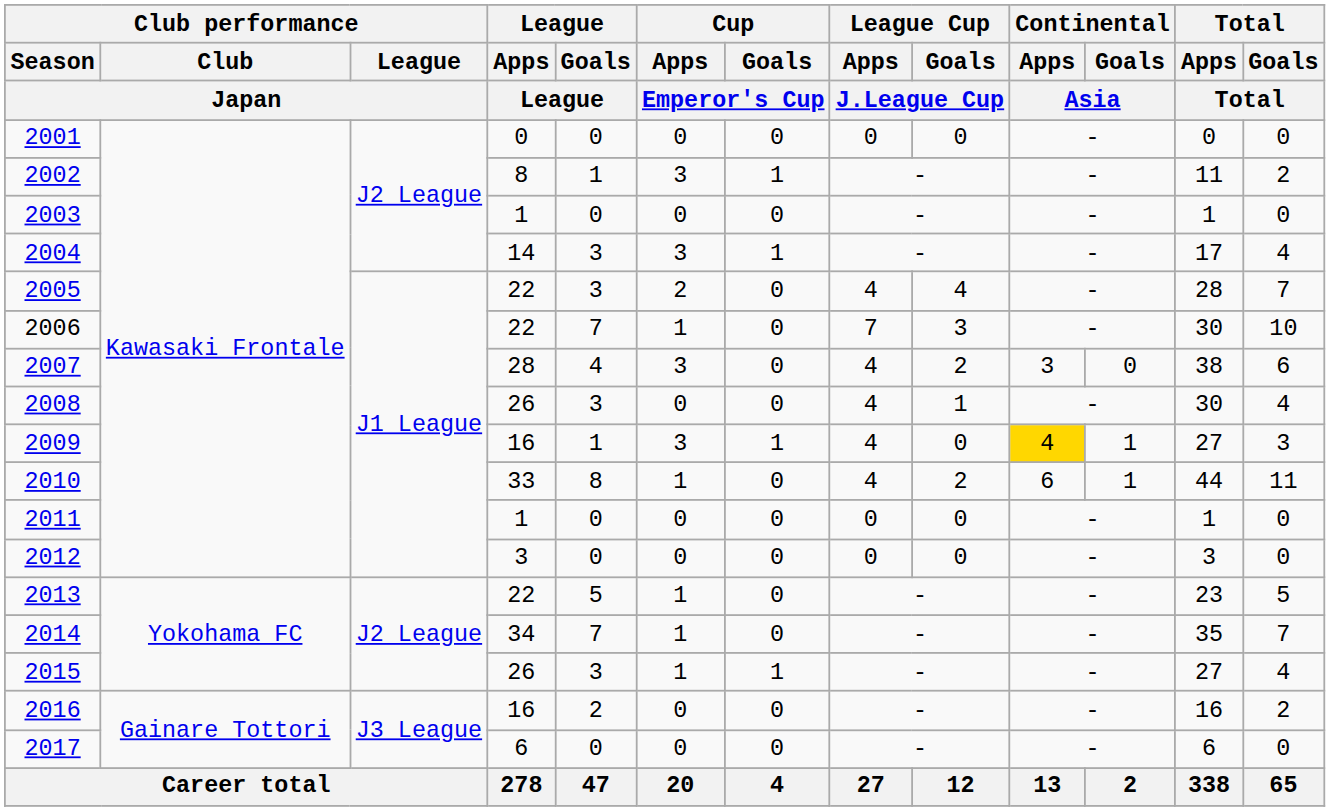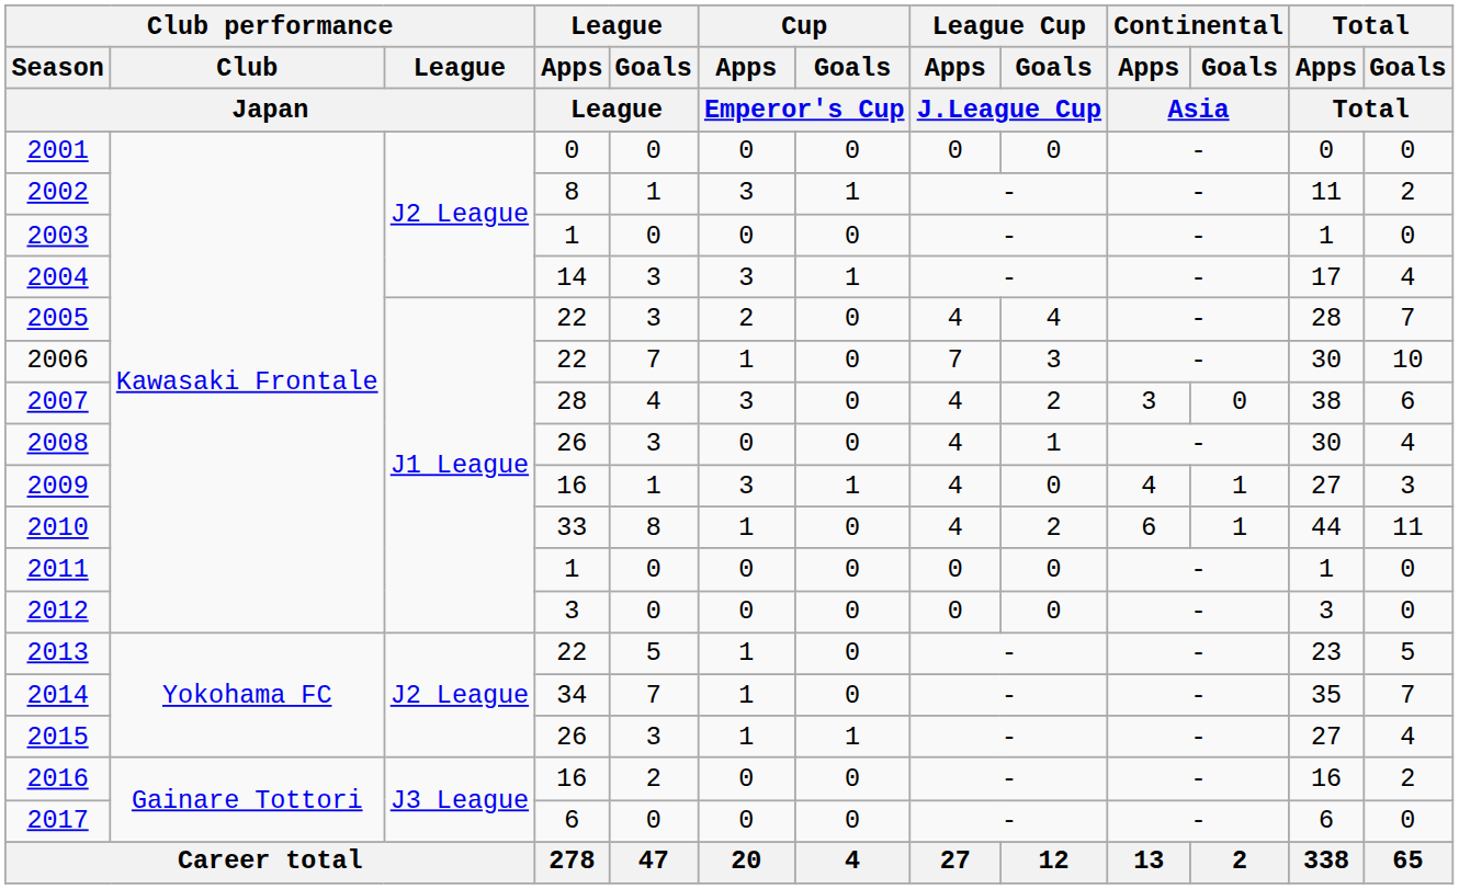 <table class="wikitable" style="text-align:center">
 <tr>
 <th colspan=3>Club performance</th>
 <th colspan=2>League</th>
 <th colspan=2>Cup</th>
 <th colspan=2>League Cup</th>
 <th colspan=2>Continental</th>
 <th colspan=2>Total</th>
 </tr>
 <tr>
 <th>Season</th>
 <th>Club</th>
 <th>League</th>
 <th>Apps</th>
 <th>Goals</th>
 <th>Apps</th>
 <th>Goals</th>
 <th>Apps</th>
 <th>Goals</th>
 <th>Apps</th>
 <th>Goals</th>
 <th>Apps</th>
 <th>Goals</th>
 </tr>
 <tr>
 <th colspan=3>Japan</th>
 <th colspan=2>League</th>
 <th colspan=2><a href='#'>Emperor's Cup</a></th>
 <th colspan=2><a href='#'>J.League Cup</a></th>
 <th colspan=2><a href='#'>Asia</a></th>
 <th colspan=2>Total</th>
 </tr>
 <tr>
 <td><a href='#'>2001</a></td>
 <td rowspan="12"><a href='#'>Kawasaki Frontale</a></td>
 <td rowspan="4"><a href='#'>J2 League</a></td>
 <td>0</td>
 <td>0</td>
 <td>0</td>
 <td>0</td>
 <td>0</td>
 <td>0</td>
 <td colspan="2">-</td>
 <td>0</td>
 <td>0</td>
 </tr>
 <tr>
 <td><a href='#'>2002</a></td>
 <td>8</td>
 <td>1</td>
 <td>3</td>
 <td>1</td>
 <td colspan="2">-</td>
 <td colspan="2">-</td>
 <td>11</td>
 <td>2</td>
 </tr>
 <tr>
 <td><a href='#'>2003</a></td>
 <td>1</td>
 <td>0</td>
 <td>0</td>
 <td>0</td>
 <td colspan="2">-</td>
 <td colspan="2">-</td>
 <td>1</td>
 <td>0</td>
 </tr>
 <tr>
 <td><a href='#'>2004</a></td>
 <td>14</td>
 <td>3</td>
 <td>3</td>
 <td>1</td>
 <td colspan="2">-</td>
 <td colspan="2">-</td>
 <td>17</td>
 <td>4</td>
 </tr>
 <tr>
 <td><a href='#'>2005</a></td>
 <td rowspan="8"><a href='#'>J1 League</a></td>
 <td>22</td>
 <td>3</td>
 <td>2</td>
 <td>0</td>
 <td>4</td>
 <td>4</td>
 <td colspan="2">-</td>
 <td>28</td>
 <td>7</td>
 </tr>
 <tr>
 <td>2006</td>
 <td>22</td>
 <td>7</td>
 <td>1</td>
 <td>0</td>
 <td>7</td>
 <td>3</td>
 <td colspan="2">-</td>
 <td>30</td>
 <td>10</td>
 </tr>
 <tr>
 <td><a href='#'>2007</a></td>
 <td>28</td>
 <td>4</td>
 <td>3</td>
 <td>0</td>
 <td>4</td>
 <td>2</td>
 <td>3</td>
 <td>0</td>
 <td>38</td>
 <td>6</td>
 </tr>
 <tr>
 <td><a href='#'>2008</a></td>
 <td>26</td>
 <td>3</td>
 <td>0</td>
 <td>0</td>
 <td>4</td>
 <td>1</td>
 <td colspan="2">-</td>
 <td>30</td>
 <td>4</td>
 </tr>
 <tr>
 <td><a href='#'>2009</a></td>
 <td>16</td>
 <td>1</td>
 <td>3</td>
 <td>1</td>
 <td>4</td>
 <td>0</td>
-<td style="background: gold;">4</td>
+<td>4</td>
 <td>1</td>
 <td>27</td>
 <td>3</td>
 </tr>
 <tr>
 <td><a href='#'>2010</a></td>
 <td>33</td>
 <td>8</td>
 <td>1</td>
 <td>0</td>
 <td>4</td>
 <td>2</td>
 <td>6</td>
 <td>1</td>
 <td>44</td>
 <td>11</td>
 </tr>
 <tr>
 <td><a href='#'>2011</a></td>
 <td>1</td>
 <td>0</td>
 <td>0</td>
 <td>0</td>
 <td>0</td>
 <td>0</td>
 <td colspan="2">-</td>
 <td>1</td>
 <td>0</td>
 </tr>
 <tr>
 <td><a href='#'>2012</a></td>
 <td>3</td>
 <td>0</td>
 <td>0</td>
 <td>0</td>
 <td>0</td>
 <td>0</td>
 <td colspan="2">-</td>
 <td>3</td>
 <td>0</td>
 </tr>
 <tr>
 <td><a href='#'>2013</a></td>
 <td rowspan="3"><a href='#'>Yokohama FC</a></td>
 <td rowspan="3"><a href='#'>J2 League</a></td>
 <td>22</td>
 <td>5</td>
 <td>1</td>
 <td>0</td>
 <td colspan="2">-</td>
 <td colspan="2">-</td>
 <td>23</td>
 <td>5</td>
 </tr>
 <tr>
 <td><a href='#'>2014</a></td>
 <td>34</td>
 <td>7</td>
 <td>1</td>
 <td>0</td>
 <td colspan="2">-</td>
 <td colspan="2">-</td>
 <td>35</td>
 <td>7</td>
 </tr>
 <tr>
 <td><a href='#'>2015</a></td>
 <td>26</td>
 <td>3</td>
 <td>1</td>
 <td>1</td>
 <td colspan="2">-</td>
 <td colspan="2">-</td>
 <td>27</td>
 <td>4</td>
 </tr>
 <tr>
 <td><a href='#'>2016</a></td>
 <td rowspan="2"><a href='#'>Gainare Tottori</a></td>
 <td rowspan="2"><a href='#'>J3 League</a></td>
 <td>16</td>
 <td>2</td>
 <td>0</td>
 <td>0</td>
 <td colspan="2">-</td>
 <td colspan="2">-</td>
 <td>16</td>
 <td>2</td>
 </tr>
 <tr>
 <td><a href='#'>2017</a></td>
 <td>6</td>
 <td>0</td>
 <td>0</td>
 <td>0</td>
 <td colspan="2">-</td>
 <td colspan="2">-</td>
 <td>6</td>
 <td>0</td>
 </tr>
 <tr>
 <th colspan=3>Career total</th>
 <th>278</th>
 <th>47</th>
 <th>20</th>
 <th>4</th>
 <th>27</th>
 <th>12</th>
 <th>13</th>
 <th>2</th>
 <th>338</th>
 <th>65</th>
 </tr>
 </table>
